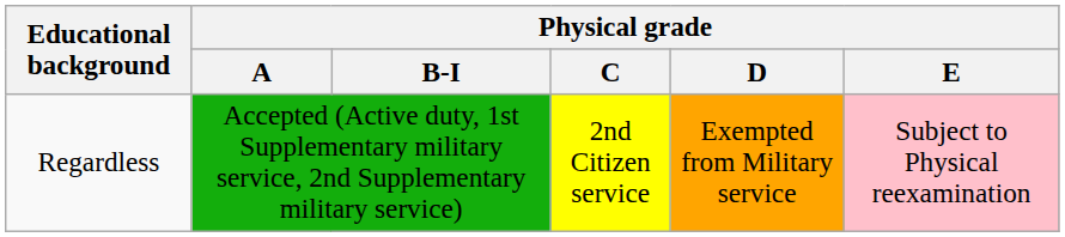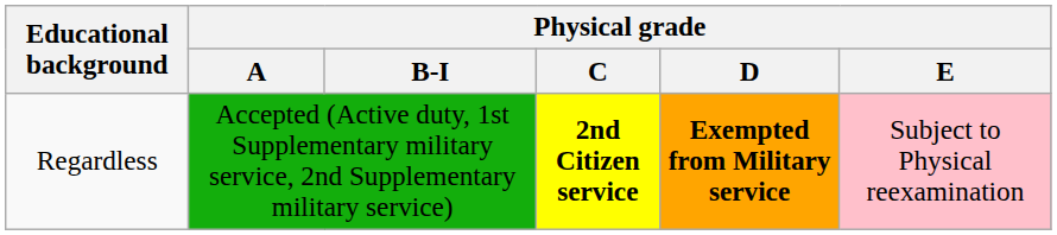 <table class="wikitable">
 <tr>
 <th rowspan="2">Educational background</th>
 <th colspan="6">Physical grade</th>
 </tr>
 <tr>
 <th>A</th>
 <th>B-I</th>
 <th>C</th>
 <th>D</th>
 <th>E</th>
 </tr>
 <tr>
 <td div style="text-align:center">Regardless</td>
 <td colspan="2" div style="background:#13ae0c; text-align:center;">Accepted (Active duty, 1st Supplementary military service, 2nd Supplementary military service)</td>
-<td div style="background:yellow; text-align:center;">2nd Citizen service</td>
-<td div style="background:orange; text-align:center;">Exempted from Military service</td>
+<td div style="background:yellow; text-align:center;"><strong>2nd Citizen service</strong></td>
+<td div style="background:orange; text-align:center;"><strong>Exempted from Military service</strong></td>
 <td div style="background:pink; text-align:center;">Subject to Physical reexamination</td>
 </tr>
 </table>
